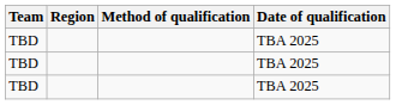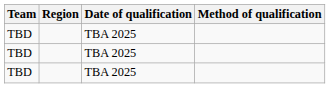 <table class="wikitable" style="text-align: left;">
 <tr>
 <th>Team</th>
 <th>Region</th>
+<th>Date of qualification<br></th>
 <th>Method of qualification</th>
-<th>Date of qualification<br></th>
 </tr>
 <tr>
 <td>TBD</td>
 <td></td>
+<td>TBA 2025</td>
 <td></td>
-<td>TBA 2025</td>
 </tr>
 <tr>
 <td>TBD</td>
 <td></td>
+<td>TBA 2025</td>
 <td></td>
-<td>TBA 2025</td>
 </tr>
 <tr>
 <td>TBD</td>
 <td></td>
+<td>TBA 2025</td>
 <td></td>
-<td>TBA 2025</td>
 </tr>
 </table>
